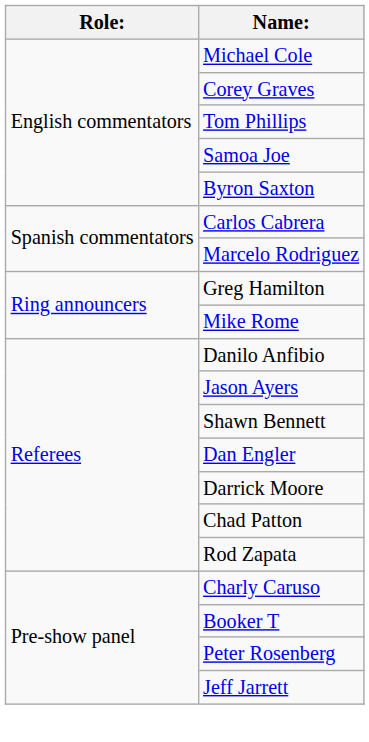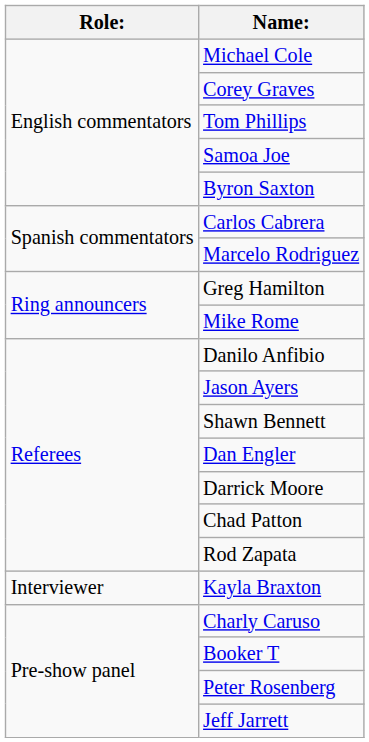 <table class=wikitable style="font-size:90%; margin: 0.5em 0 0.5em 1em; float: right; clear: right;">
 <tr>
 <th>Role:</th>
 <th>Name:</th>
 </tr>
 <tr>
 <td rowspan=5>English commentators</td>
 <td><a href='#'>Michael Cole</a> </td>
 </tr>
 <tr>
 <td><a href='#'>Corey Graves</a> </td>
 </tr>
 <tr>
 <td><a href='#'>Tom Phillips</a> </td>
 </tr>
 <tr>
 <td><a href='#'>Samoa Joe</a> </td>
 </tr>
 <tr>
 <td><a href='#'>Byron Saxton</a> </td>
 </tr>
 <tr>
 <td rowspan=2>Spanish commentators</td>
 <td><a href='#'>Carlos Cabrera</a></td>
 </tr>
 <tr>
 <td><a href='#'>Marcelo Rodriguez</a></td>
 </tr>
 <tr>
 <td rowspan=2><a href='#'>Ring announcers</a></td>
 <td>Greg Hamilton </td>
 </tr>
 <tr>
 <td><a href='#'>Mike Rome</a> </td>
 </tr>
 <tr>
 <td rowspan=7><a href='#'>Referees</a></td>
 <td>Danilo Anfibio</td>
 </tr>
 <tr>
 <td><a href='#'>Jason Ayers</a></td>
 </tr>
 <tr>
 <td>Shawn Bennett</td>
 </tr>
 <tr>
 <td><a href='#'>Dan Engler</a></td>
 </tr>
 <tr>
 <td>Darrick Moore</td>
 </tr>
 <tr>
 <td>Chad Patton</td>
 </tr>
 <tr>
 <td>Rod Zapata</td>
 </tr>
 <tr>
+<td>Interviewer</td>
+<td><a href='#'>Kayla Braxton</a></td>
+</tr>
+<tr>
 <td rowspan="4">Pre-show panel</td>
 <td><a href='#'>Charly Caruso</a></td>
 </tr>
 <tr>
 <td><a href='#'>Booker T</a></td>
 </tr>
 <tr>
 <td><a href='#'>Peter Rosenberg</a></td>
 </tr>
 <tr>
 <td><a href='#'>Jeff Jarrett</a></td>
 </tr>
 </table>
